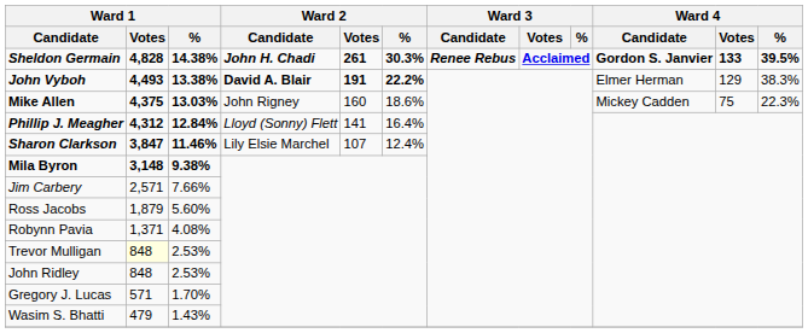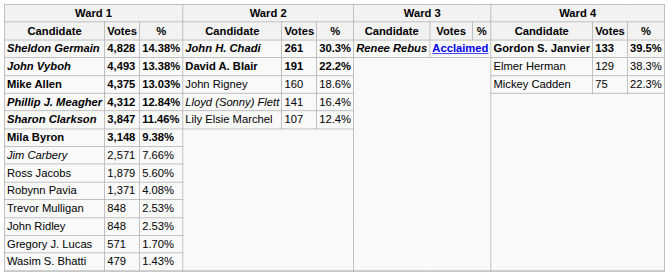 <table class="wikitable">
 <tr>
 <th colspan=3>Ward 1</th>
 <th colspan=3>Ward 2</th>
 <th colspan=3>Ward 3</th>
 <th colspan=3>Ward 4</th>
 </tr>
 <tr>
 <th>Candidate</th>
 <th>Votes</th>
 <th>%</th>
 <th>Candidate</th>
 <th>Votes</th>
 <th>%</th>
 <th>Candidate</th>
 <th>Votes</th>
 <th>%</th>
 <th>Candidate</th>
 <th>Votes</th>
 <th>%</th>
 </tr>
 <tr>
 <td><strong><em>Sheldon Germain</em></strong></td>
 <td><strong>4,828</strong></td>
 <td><strong>14.38%</strong></td>
 <td><strong><em>John H. Chadi</em></strong></td>
 <td><strong>261</strong></td>
 <td><strong>30.3%</strong></td>
 <td><strong><em>Renee Rebus</em></strong></td>
 <td colspan=2><strong><a href='#'>Acclaimed</a></strong></td>
 <td><strong>Gordon S. Janvier</strong></td>
 <td><strong>133</strong></td>
 <td><strong>39.5%</strong></td>
 </tr>
 <tr>
 <td><strong><em>John Vyboh</em></strong></td>
 <td><strong>4,493</strong></td>
 <td><strong>13.38%</strong></td>
 <td><strong>David A. Blair</strong></td>
 <td><strong>191</strong></td>
 <td><strong>22.2%</strong></td>
 <td rowspan=12 colspan=3></td>
 <td>Elmer Herman</td>
 <td>129</td>
 <td>38.3%</td>
 </tr>
 <tr>
 <td><strong>Mike Allen</strong></td>
 <td><strong>4,375</strong></td>
 <td><strong>13.03%</strong></td>
 <td>John Rigney</td>
 <td>160</td>
 <td>18.6%</td>
 <td>Mickey Cadden</td>
 <td>75</td>
 <td>22.3%</td>
 </tr>
 <tr>
 <td><strong><em>Phillip J. Meagher</em></strong></td>
 <td><strong>4,312</strong></td>
 <td><strong>12.84%</strong></td>
 <td><em>Lloyd (Sonny) Flett</em></td>
 <td>141</td>
 <td>16.4%</td>
 <td rowspan=10 colspan=3></td>
 </tr>
 <tr>
 <td><strong><em>Sharon Clarkson</em></strong></td>
 <td><strong>3,847</strong></td>
 <td><strong>11.46%</strong></td>
 <td>Lily Elsie Marchel</td>
 <td>107</td>
 <td>12.4%</td>
 </tr>
 <tr>
 <td><strong>Mila Byron</strong></td>
 <td><strong>3,148</strong></td>
 <td><strong>9.38%</strong></td>
 <td rowspan=8 colspan=3></td>
 </tr>
 <tr>
 <td><em>Jim Carbery</em></td>
 <td>2,571</td>
 <td>7.66%</td>
 </tr>
 <tr>
 <td>Ross Jacobs</td>
 <td>1,879</td>
 <td>5.60%</td>
 </tr>
 <tr>
 <td>Robynn Pavia</td>
 <td>1,371</td>
 <td>4.08%</td>
 </tr>
 <tr>
 <td>Trevor Mulligan</td>
-<td style="background: lightyellow;">848</td>
+<td>848</td>
 <td>2.53%</td>
 </tr>
 <tr>
 <td>John Ridley</td>
 <td>848</td>
 <td>2.53%</td>
 </tr>
 <tr>
 <td>Gregory J. Lucas</td>
 <td>571</td>
 <td>1.70%</td>
 </tr>
 <tr>
 <td>Wasim S. Bhatti</td>
 <td>479</td>
 <td>1.43%</td>
 </tr>
 <tr>
 </tr>
 </table>
